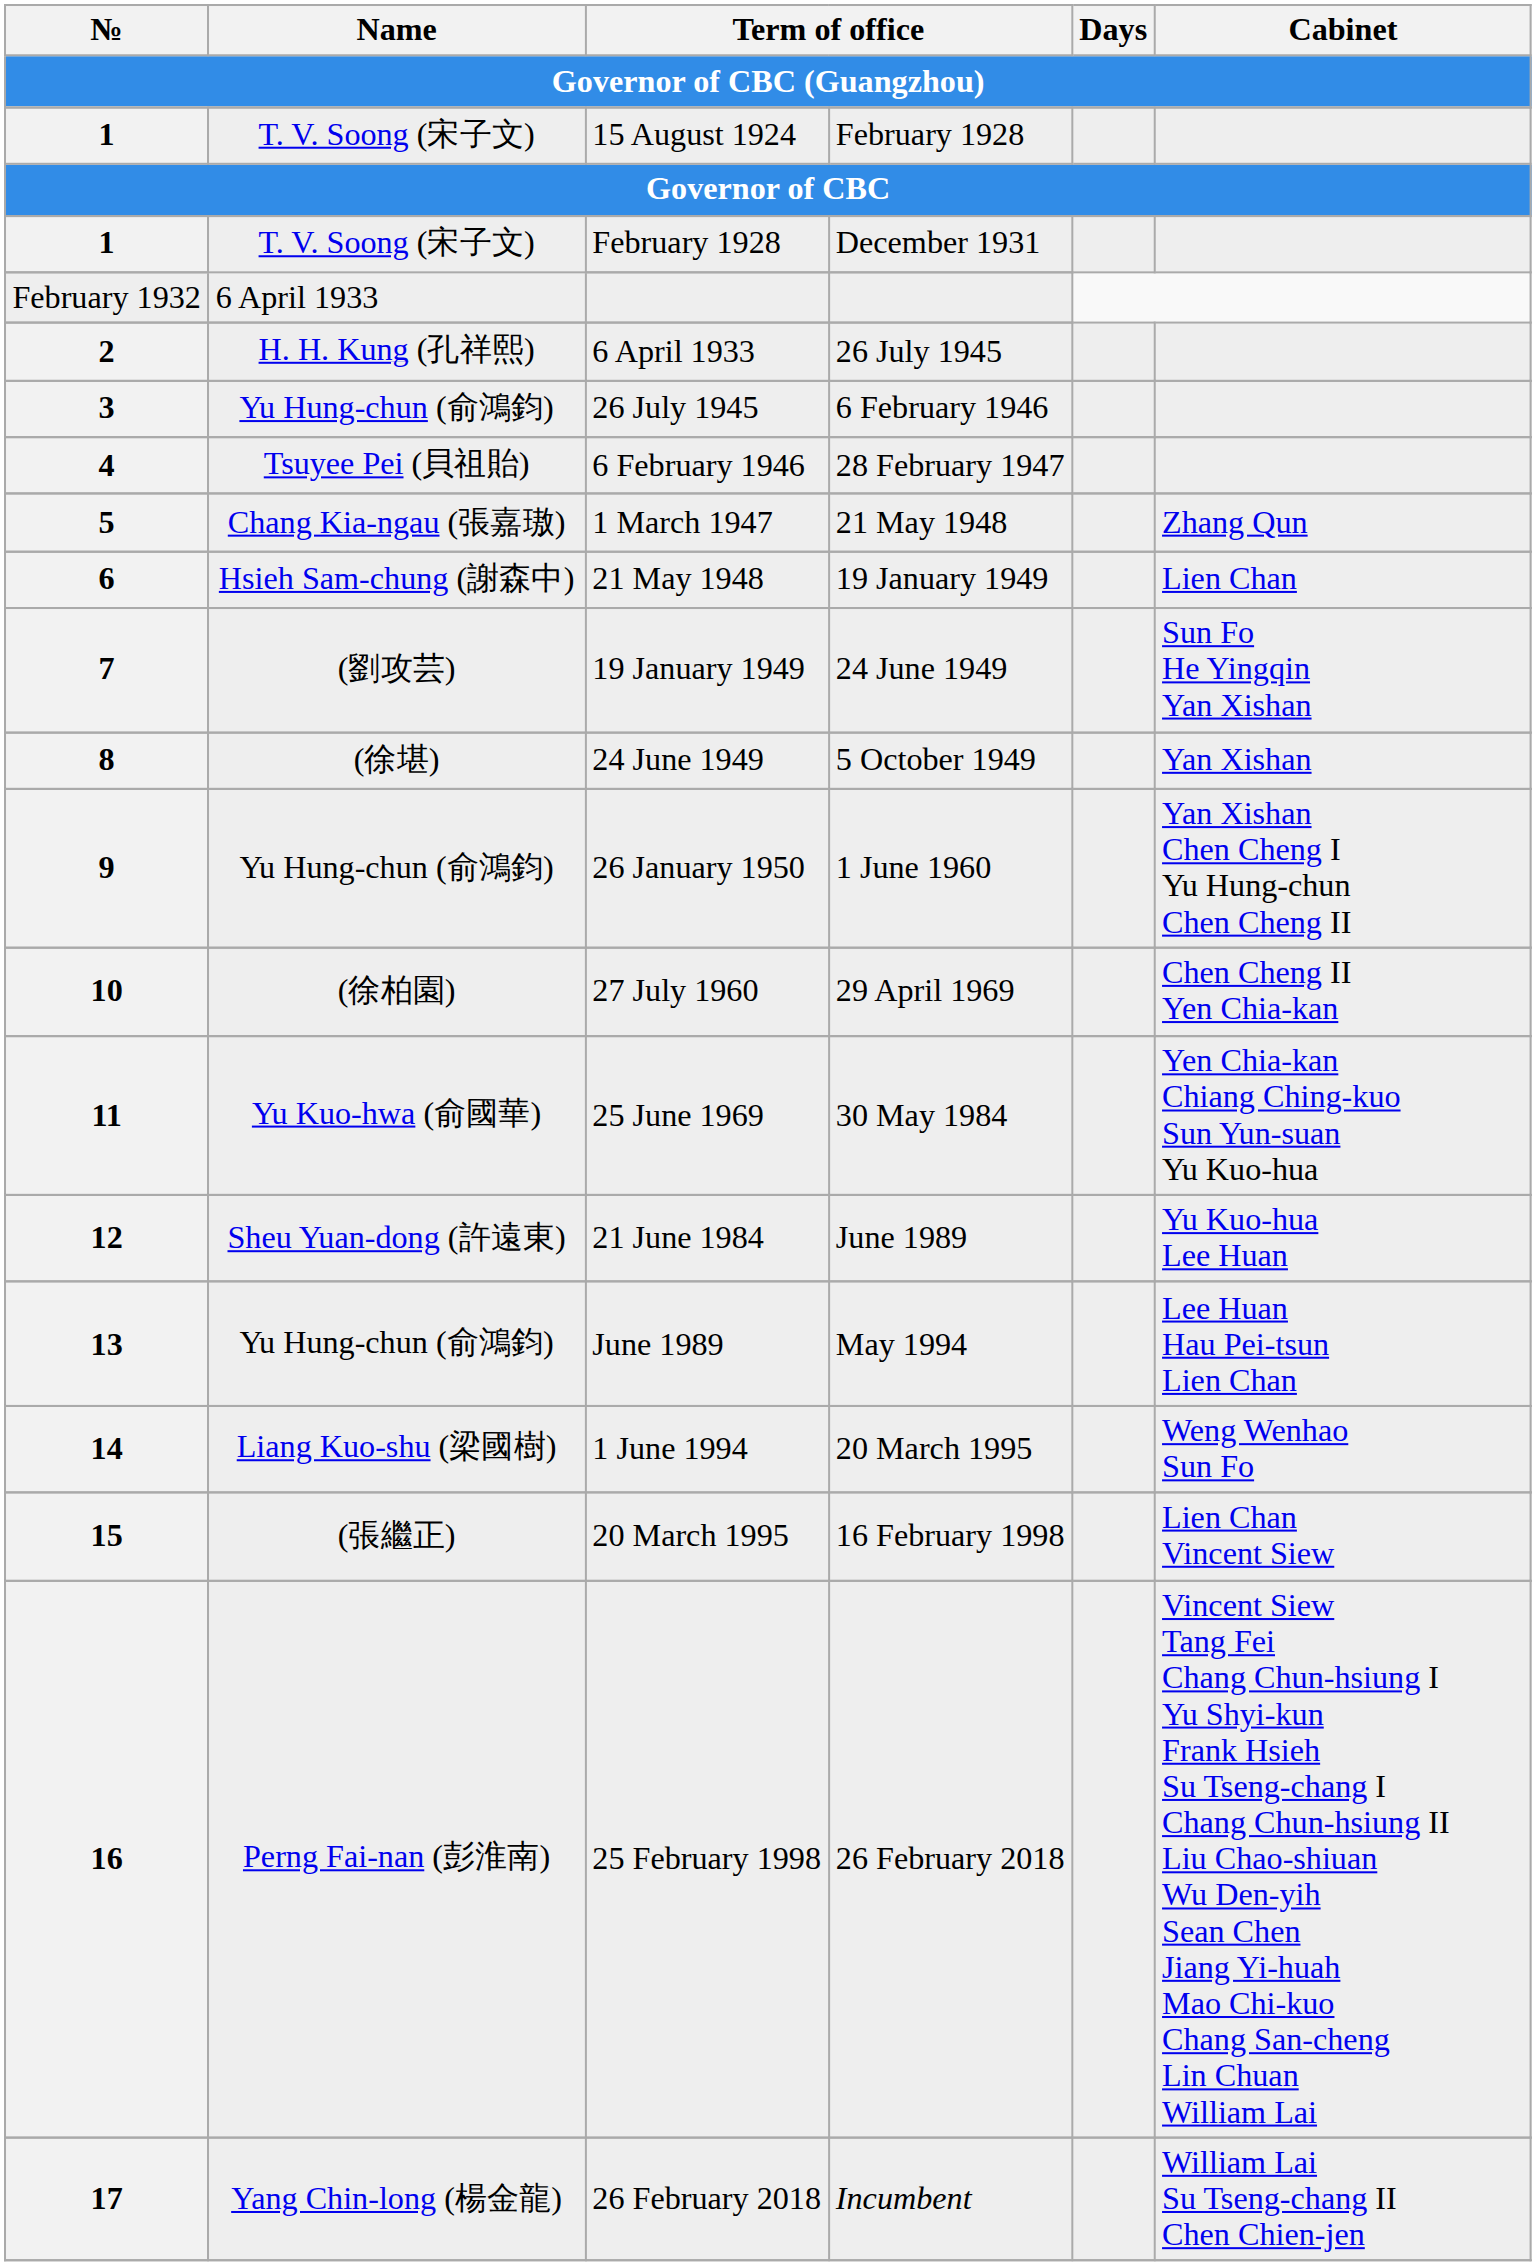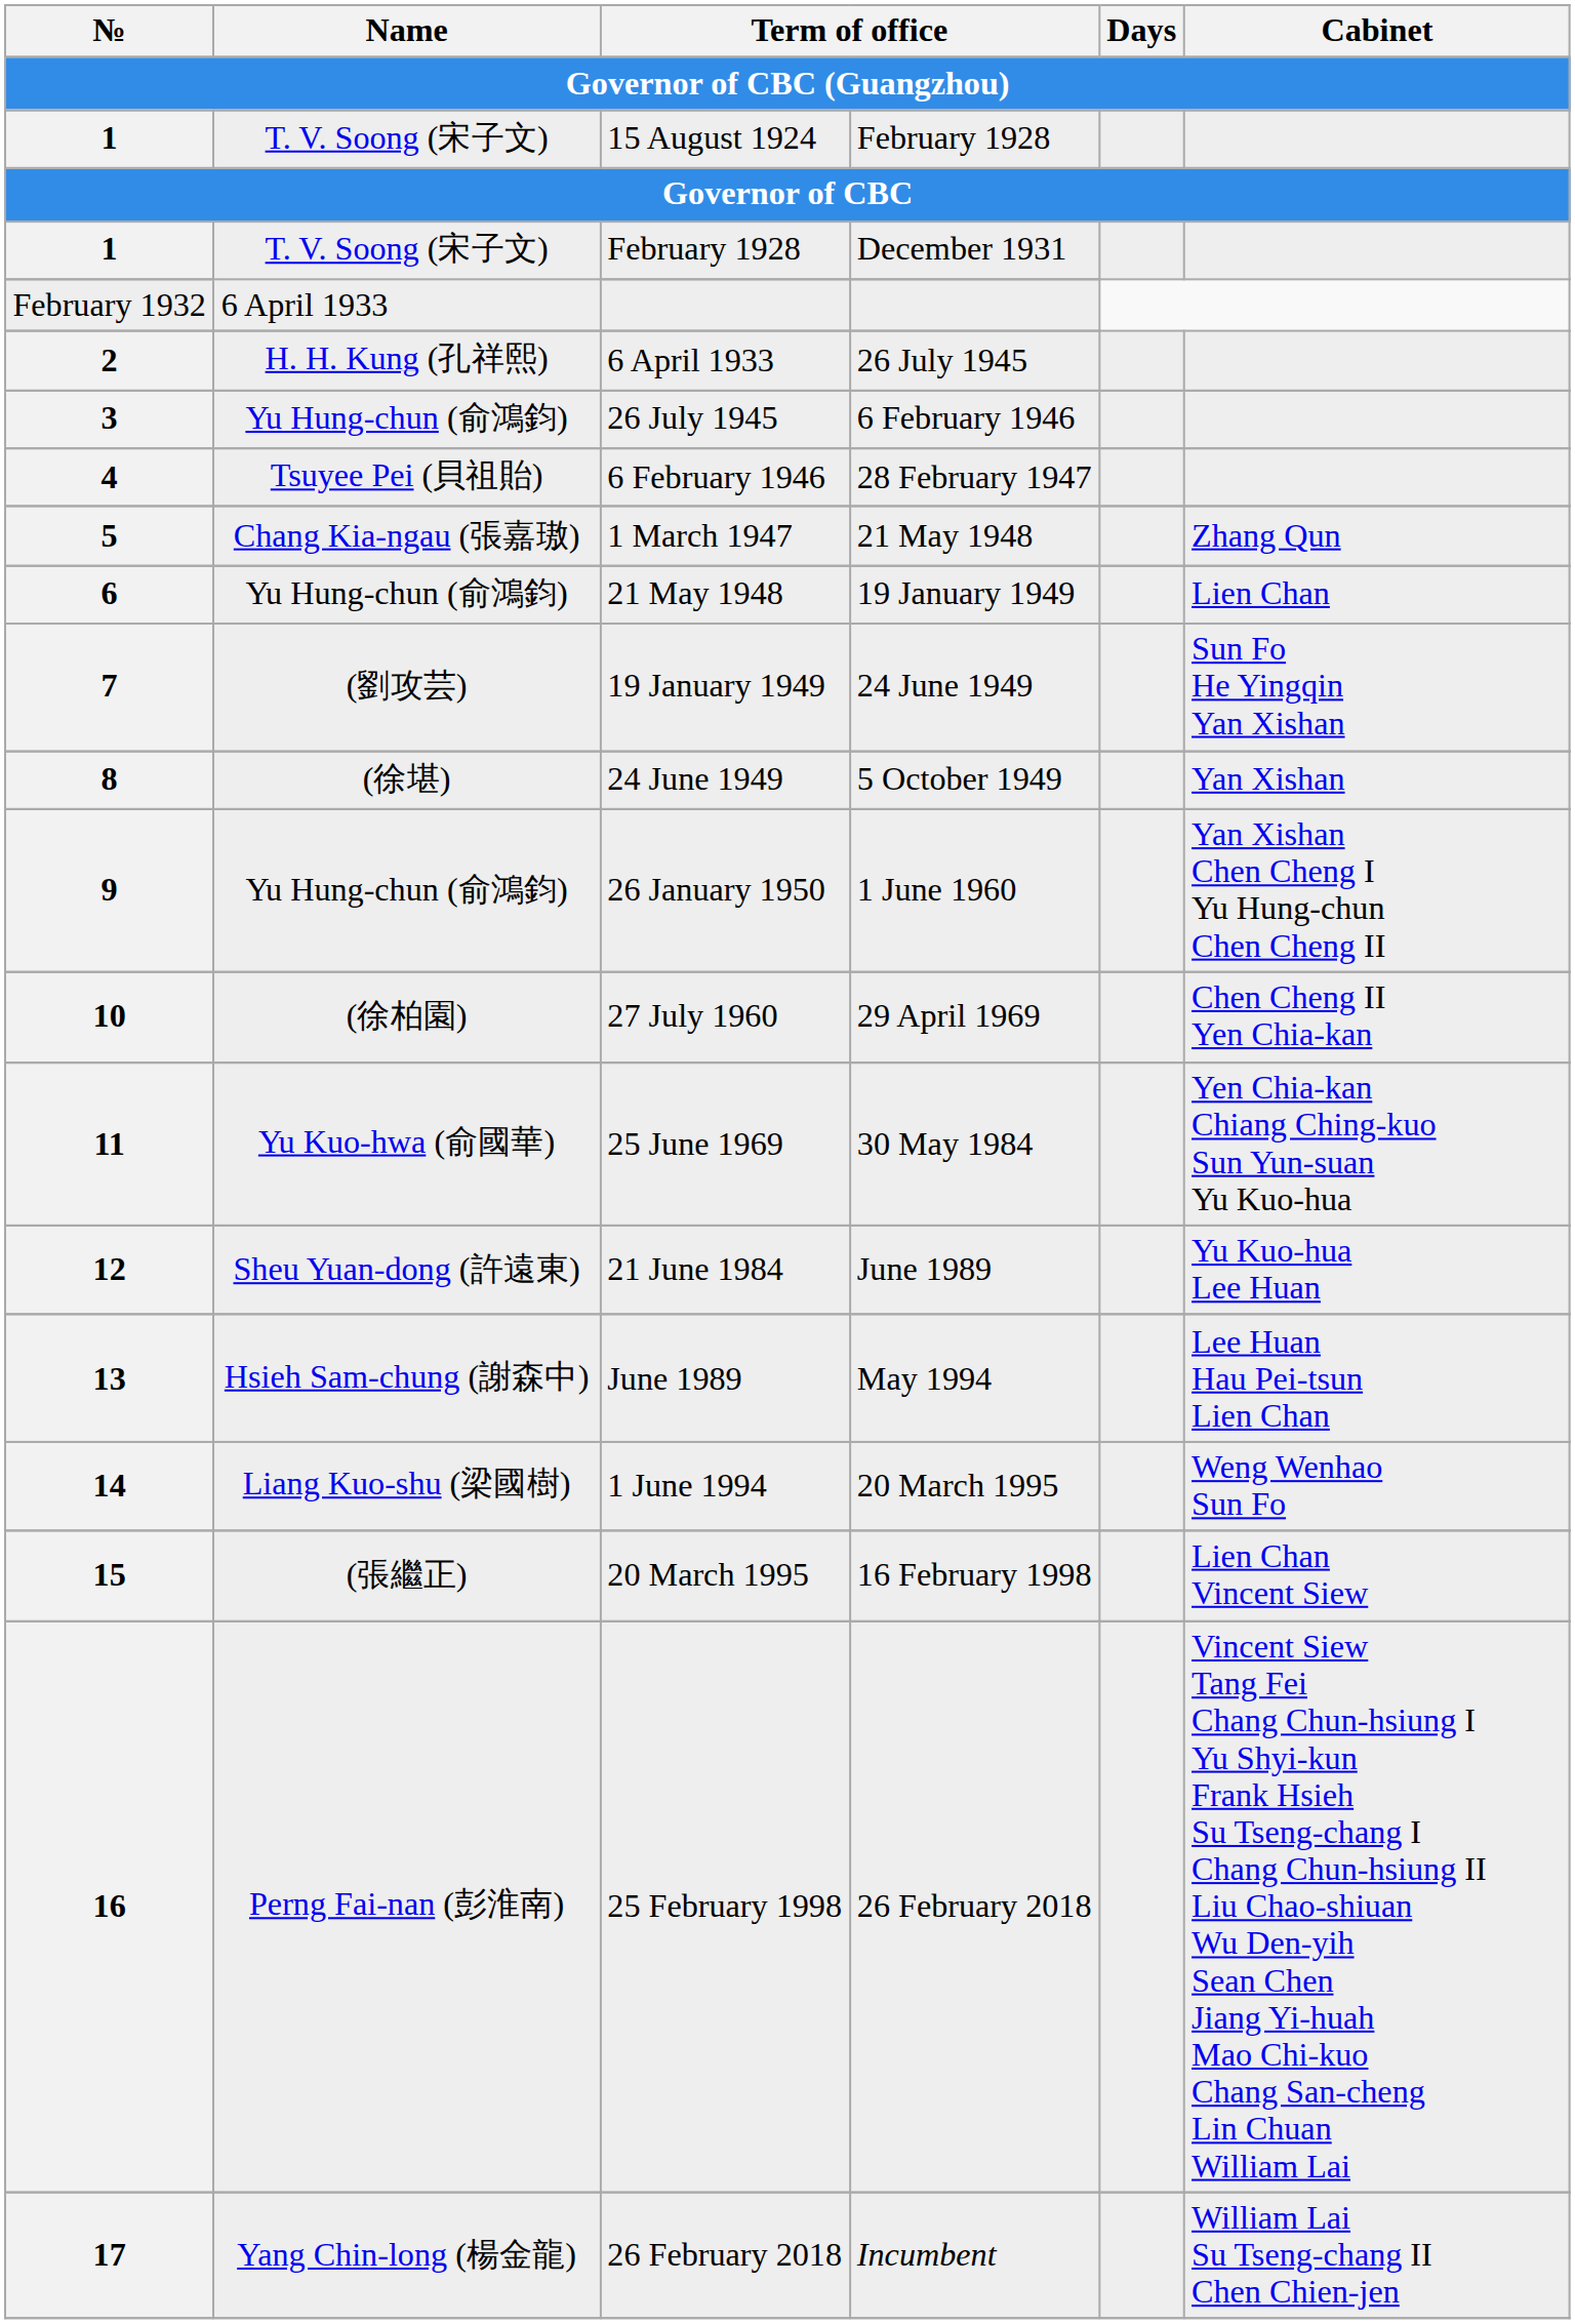 <table class="wikitable">
 <tr ->
 <th>№</th>
 <th width="180">Name</th>
 <th colspan=2 width="180">Term of office</th>
 <th>Days</th>
 <th width="180">Cabinet</th>
 </tr>
 <tr ->
 <th colspan=6 style="background:#318CE7; color:white;">Governor of CBC (Guangzhou)</th>
 </tr>
 <tr ->
 </tr>
 <tr - bgcolor=#EEEEEE>
 <th style="background:">1</th>
 <td align=center><a href='#'>T. V. Soong</a> (宋子文)</td>
 <td>15 August 1924</td>
 <td>February 1928</td>
 <td></td>
 <td></td>
 </tr>
 <tr ->
 <th colspan=6 style="background:#318CE7; color:white;">Governor of CBC</th>
 </tr>
 <tr ->
 </tr>
 <tr - bgcolor=#EEEEEE>
 <th style="background:">1</th>
 <td align=center rowspan=2><a href='#'>T. V. Soong</a> (宋子文)</td>
 <td>February 1928</td>
 <td>December 1931</td>
 <td></td>
 <td></td>
 </tr>
 <tr ->
 </tr>
 <tr - bgcolor=#EEEEEE>
 <td>February 1932</td>
 <td>6 April 1933</td>
 <td></td>
 <td></td>
 </tr>
 <tr ->
 </tr>
 <tr - bgcolor=#EEEEEE>
 <th style="background:">2</th>
 <td align=center><a href='#'>H. H. Kung</a> (孔祥熙)</td>
 <td>6 April 1933</td>
 <td>26 July 1945</td>
 <td></td>
 <td></td>
 </tr>
 <tr ->
 </tr>
 <tr - bgcolor=#EEEEEE>
 <th style="background:">3</th>
 <td align=center><a href='#'>Yu Hung-chun</a> (俞鴻鈞)</td>
 <td>26 July 1945</td>
 <td>6 February 1946</td>
 <td></td>
 <td></td>
 </tr>
 <tr ->
 </tr>
 <tr - bgcolor=#EEEEEE>
 <th style="background:">4</th>
 <td align=center><a href='#'>Tsuyee Pei</a> (貝祖貽)</td>
 <td>6 February 1946</td>
 <td>28 February 1947</td>
 <td></td>
 <td></td>
 </tr>
 <tr ->
 </tr>
 <tr - bgcolor=#EEEEEE>
 <th style="background:">5</th>
 <td align=center><a href='#'>Chang Kia-ngau</a> (張嘉璈)</td>
 <td>1 March 1947</td>
 <td>21 May 1948</td>
 <td></td>
 <td><a href='#'>Zhang Qun</a></td>
 </tr>
 <tr ->
 </tr>
 <tr - bgcolor=#EEEEEE>
 <th style="background:">6</th>
-<td align=center><a href='#'>Hsieh Sam-chung</a> (謝森中)</td>
+<td align=center>Yu Hung-chun (俞鴻鈞)</td>
 <td>21 May 1948</td>
 <td>19 January 1949</td>
 <td></td>
 <td><a href='#'>Lien Chan</a></td>
 </tr>
 <tr ->
 </tr>
 <tr - bgcolor=#EEEEEE>
 <th style="background:">7</th>
 <td align=center> (劉攻芸)</td>
 <td>19 January 1949</td>
 <td>24 June 1949</td>
 <td></td>
 <td><a href='#'>Sun Fo</a><br><a href='#'>He Yingqin</a><br><a href='#'>Yan Xishan</a></td>
 </tr>
 <tr ->
 </tr>
 <tr - bgcolor=#EEEEEE>
 <th style="background:">8</th>
 <td align=center> (徐堪)</td>
 <td>24 June 1949</td>
 <td>5 October 1949</td>
 <td></td>
 <td><a href='#'>Yan Xishan</a></td>
 </tr>
 <tr ->
 </tr>
 <tr - bgcolor=#EEEEEE>
 <th style="background:">9</th>
 <td align=center>Yu Hung-chun (俞鴻鈞)</td>
 <td>26 January 1950</td>
 <td>1 June 1960</td>
 <td></td>
 <td><a href='#'>Yan Xishan</a><br><a href='#'>Chen Cheng</a> I<br>Yu Hung-chun<br><a href='#'>Chen Cheng</a> II</td>
 </tr>
 <tr ->
 </tr>
 <tr - bgcolor=#EEEEEE>
 <th style="background:">10</th>
 <td align=center> (徐柏園)</td>
 <td>27 July 1960</td>
 <td>29 April 1969</td>
 <td></td>
 <td><a href='#'>Chen Cheng</a> II<br><a href='#'>Yen Chia-kan</a></td>
 </tr>
 <tr ->
 </tr>
 <tr - bgcolor=#EEEEEE>
 <th style="background:">11</th>
 <td align=center><a href='#'>Yu Kuo-hwa</a> (俞國華)</td>
 <td>25 June 1969</td>
 <td>30 May 1984</td>
 <td></td>
 <td><a href='#'>Yen Chia-kan</a><br><a href='#'>Chiang Ching-kuo</a><br><a href='#'>Sun Yun-suan</a><br>Yu Kuo-hua</td>
 </tr>
 <tr ->
 </tr>
 <tr - bgcolor=#EEEEEE>
 <th style="background:">12</th>
 <td align=center><a href='#'>Sheu Yuan-dong</a> (許遠東)</td>
 <td>21 June 1984</td>
 <td>June 1989</td>
 <td></td>
 <td><a href='#'>Yu Kuo-hua</a><br><a href='#'>Lee Huan</a></td>
 </tr>
 <tr ->
 </tr>
 <tr - bgcolor=#EEEEEE>
 <th style="background:">13</th>
-<td align=center>Yu Hung-chun (俞鴻鈞)</td>
+<td align=center><a href='#'>Hsieh Sam-chung</a> (謝森中)</td>
 <td>June 1989</td>
 <td>May 1994</td>
 <td></td>
 <td><a href='#'>Lee Huan</a><br><a href='#'>Hau Pei-tsun</a><br><a href='#'>Lien Chan</a></td>
 </tr>
 <tr ->
 </tr>
 <tr - bgcolor=#EEEEEE>
 <th style="background:">14</th>
 <td align=center><a href='#'>Liang Kuo-shu</a> (梁國樹)</td>
 <td>1 June 1994</td>
 <td>20 March 1995</td>
 <td></td>
 <td><a href='#'>Weng Wenhao</a><br><a href='#'>Sun Fo</a></td>
 </tr>
 <tr ->
 </tr>
 <tr - bgcolor=#EEEEEE>
 <th style="background:">15</th>
 <td align=center> (張繼正)</td>
 <td>20 March 1995</td>
 <td>16 February 1998</td>
 <td></td>
 <td><a href='#'>Lien Chan</a><br><a href='#'>Vincent Siew</a></td>
 </tr>
 <tr ->
 </tr>
 <tr - bgcolor=#EEEEEE>
 <th style="background:">16</th>
 <td align=center><a href='#'>Perng Fai-nan</a> (彭淮南)</td>
 <td>25 February 1998</td>
 <td>26 February 2018</td>
 <td></td>
 <td><a href='#'>Vincent Siew</a><br><a href='#'>Tang Fei</a><br><a href='#'>Chang Chun-hsiung</a> I<br><a href='#'>Yu Shyi-kun</a><br><a href='#'>Frank Hsieh</a><br><a href='#'>Su Tseng-chang</a> I<br><a href='#'>Chang Chun-hsiung</a> II<br><a href='#'>Liu Chao-shiuan</a><br><a href='#'>Wu Den-yih</a><br><a href='#'>Sean Chen</a><br><a href='#'>Jiang Yi-huah</a><br><a href='#'>Mao Chi-kuo</a><br><a href='#'>Chang San-cheng</a><br><a href='#'>Lin Chuan</a><br><a href='#'>William Lai</a></td>
 </tr>
 <tr ->
 </tr>
 <tr - bgcolor=#EEEEEE>
 <th style="background:">17</th>
 <td align=center><a href='#'>Yang Chin-long</a> (楊金龍)</td>
 <td>26 February 2018</td>
 <td><em>Incumbent</em></td>
 <td></td>
 <td><a href='#'>William Lai</a><br><a href='#'>Su Tseng-chang</a> II<br><a href='#'>Chen Chien-jen</a></td>
 </tr>
 <tr ->
 </tr>
 </table>
